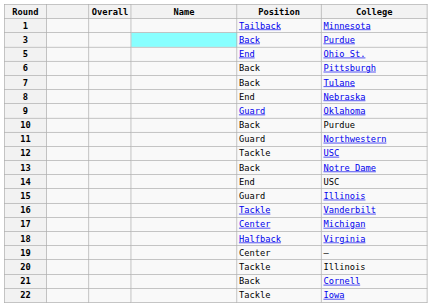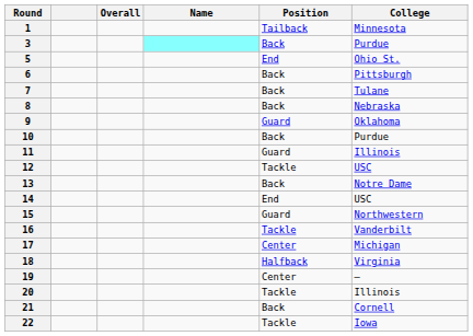 <table class="wikitable sortable" style="width: 50%;">
 <tr>
 <th scope="col" style="width: 10%;">Round</th>
 <th scope="col" style="width: 10%;"></th>
 <th scope="col" style="width: 10%;">Overall</th>
 <th scope="col" style="width: 25%;">Name</th>
 <th scope="col" style="width: 20%;">Position</th>
 <th scope="col" style="width: 25%;">College</th>
 </tr>
 <tr>
 <th scope="row">1</th>
 <td></td>
 <td></td>
 <td></td>
 <td><a href='#'>Tailback</a></td>
 <td><a href='#'>Minnesota</a></td>
 </tr>
 <tr>
 <th scope="row">3</th>
 <td></td>
 <td></td>
 <td style="background:#88FFFF;"> <sup></sup></td>
 <td><a href='#'>Back</a></td>
 <td><a href='#'>Purdue</a></td>
 </tr>
 <tr>
 <th scope="row">5</th>
 <td></td>
 <td></td>
 <td></td>
 <td><a href='#'>End</a></td>
 <td><a href='#'>Ohio St.</a></td>
 </tr>
 <tr>
 <th scope="row">6</th>
 <td></td>
 <td></td>
 <td></td>
 <td>Back</td>
 <td><a href='#'>Pittsburgh</a></td>
 </tr>
 <tr>
 <th scope="row">7</th>
 <td></td>
 <td></td>
 <td></td>
 <td>Back</td>
 <td><a href='#'>Tulane</a></td>
 </tr>
 <tr>
 <th scope="row">8</th>
 <td></td>
 <td></td>
 <td></td>
-<td>End</td>
+<td>Back</td>
 <td><a href='#'>Nebraska</a></td>
 </tr>
 <tr>
 <th scope="row">9</th>
 <td></td>
 <td></td>
 <td></td>
 <td><a href='#'>Guard</a></td>
 <td><a href='#'>Oklahoma</a></td>
 </tr>
 <tr>
 <th scope="row">10</th>
 <td></td>
 <td></td>
 <td></td>
 <td>Back</td>
 <td>Purdue</td>
 </tr>
 <tr>
 <th scope="row">11</th>
 <td></td>
 <td></td>
 <td></td>
 <td>Guard</td>
-<td><a href='#'>Northwestern</a></td>
+<td><a href='#'>Illinois</a></td>
 </tr>
 <tr>
 <th scope="row">12</th>
 <td></td>
 <td></td>
 <td></td>
 <td>Tackle</td>
 <td><a href='#'>USC</a></td>
 </tr>
 <tr>
 <th scope="row">13</th>
 <td></td>
 <td></td>
 <td></td>
 <td>Back</td>
 <td><a href='#'>Notre Dame</a></td>
 </tr>
 <tr>
 <th scope="row">14</th>
 <td></td>
 <td></td>
 <td></td>
 <td>End</td>
 <td>USC</td>
 </tr>
 <tr>
 <th scope="row">15</th>
 <td></td>
 <td></td>
 <td></td>
 <td>Guard</td>
-<td><a href='#'>Illinois</a></td>
+<td><a href='#'>Northwestern</a></td>
 </tr>
 <tr>
 <th scope="row">16</th>
 <td></td>
 <td></td>
 <td></td>
 <td><a href='#'>Tackle</a></td>
 <td><a href='#'>Vanderbilt</a></td>
 </tr>
 <tr>
 <th scope="row">17</th>
 <td></td>
 <td></td>
 <td></td>
 <td><a href='#'>Center</a></td>
 <td><a href='#'>Michigan</a></td>
 </tr>
 <tr>
 <th scope="row">18</th>
 <td></td>
 <td></td>
 <td></td>
 <td><a href='#'>Halfback</a></td>
 <td><a href='#'>Virginia</a></td>
 </tr>
 <tr>
 <th scope="row">19</th>
 <td></td>
 <td></td>
 <td></td>
 <td>Center</td>
 <td>—</td>
 </tr>
 <tr>
 <th scope="row">20</th>
 <td></td>
 <td></td>
 <td></td>
 <td>Tackle</td>
 <td>Illinois</td>
 </tr>
 <tr>
 <th scope="row">21</th>
 <td></td>
 <td></td>
 <td></td>
 <td>Back</td>
 <td><a href='#'>Cornell</a></td>
 </tr>
 <tr>
 <th scope="row">22</th>
 <td></td>
 <td></td>
 <td></td>
 <td>Tackle</td>
 <td><a href='#'>Iowa</a></td>
 </tr>
 </table>
